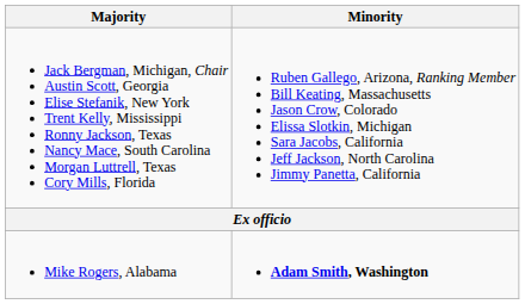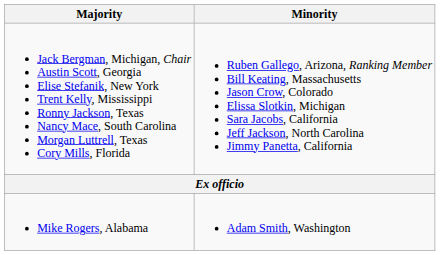 <table class=wikitable>
 <tr>
 <th>Majority</th>
 <th>Minority</th>
 </tr>
 <tr>
 <td><br><ul><li><a href='#'>Jack Bergman</a>, Michigan, <em>Chair</em></li><li><a href='#'>Austin Scott</a>, Georgia</li><li><a href='#'>Elise Stefanik</a>, New York</li><li><a href='#'>Trent Kelly</a>, Mississippi</li><li><a href='#'>Ronny Jackson</a>, Texas</li><li><a href='#'>Nancy Mace</a>, South Carolina</li><li><a href='#'>Morgan Luttrell</a>, Texas</li><li><a href='#'>Cory Mills</a>, Florida</li></ul></td>
 <td><br><ul><li><a href='#'>Ruben Gallego</a>, Arizona, <em>Ranking Member</em></li><li><a href='#'>Bill Keating</a>, Massachusetts</li><li><a href='#'>Jason Crow</a>, Colorado</li><li><a href='#'>Elissa Slotkin</a>, Michigan</li><li><a href='#'>Sara Jacobs</a>, California</li><li><a href='#'>Jeff Jackson</a>, North Carolina</li><li><a href='#'>Jimmy Panetta</a>, California</li></ul></td>
 </tr>
 <tr>
 <th colspan=2><em>Ex officio</em></th>
 </tr>
 <tr>
 <td><br><ul><li><a href='#'>Mike Rogers</a>, Alabama</li></ul></td>
-<td><strong><br><ul><li><a href='#'>Adam Smith</a>, Washington</li></ul></strong></td>
+<td><br><ul><li><a href='#'>Adam Smith</a>, Washington</li></ul></td>
 </tr>
 </table>
